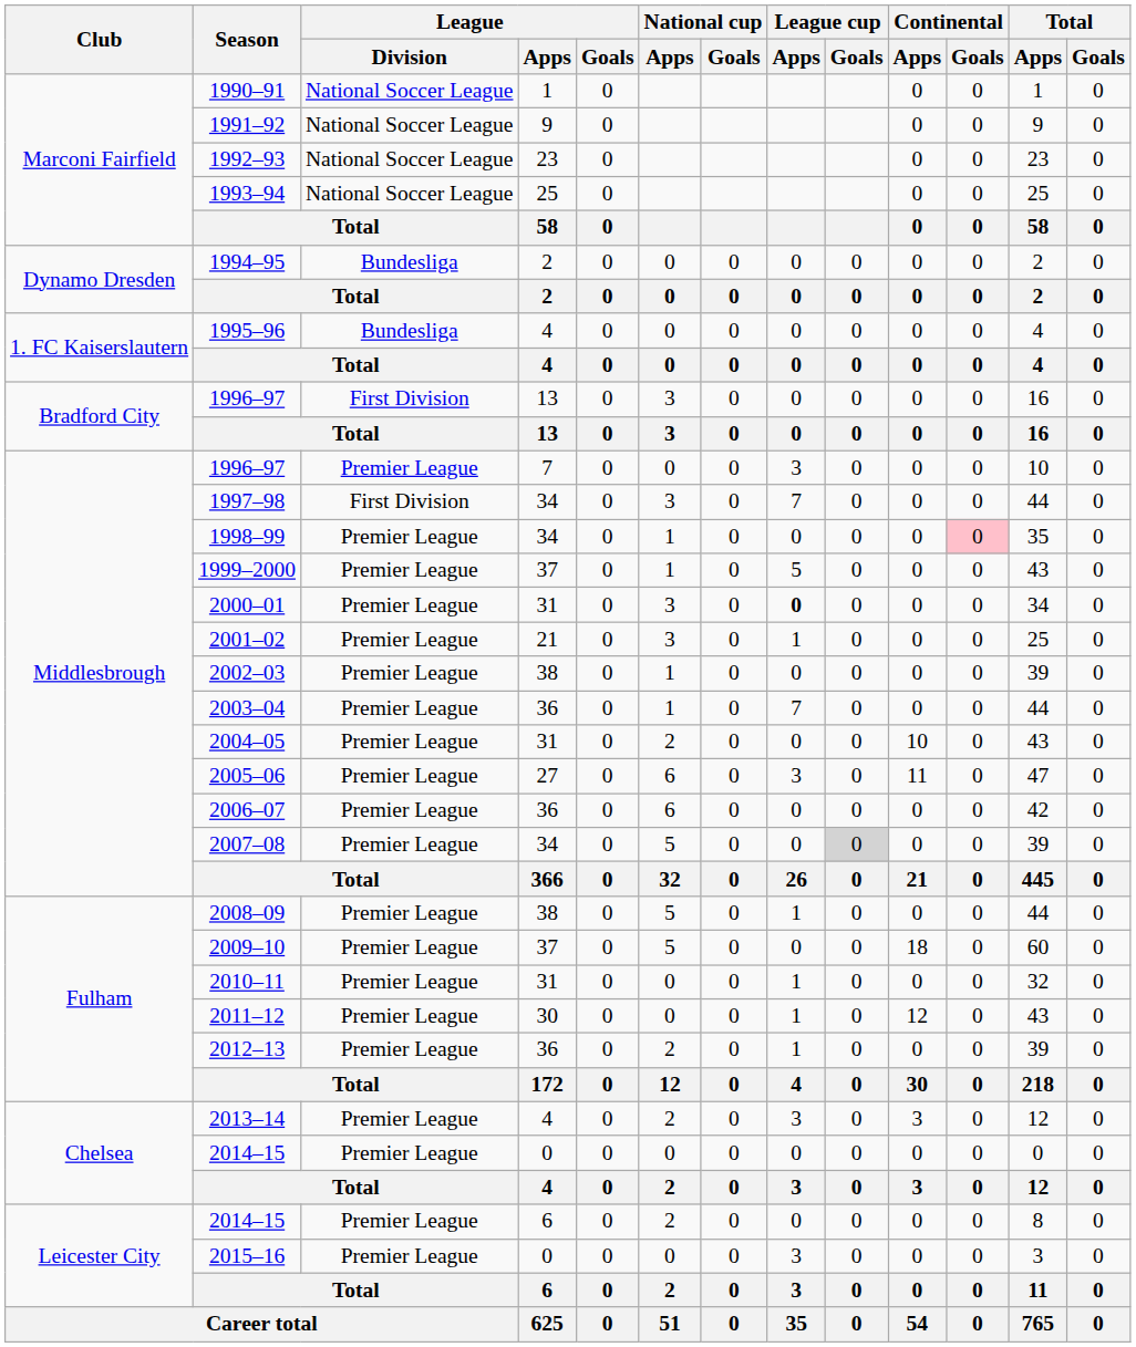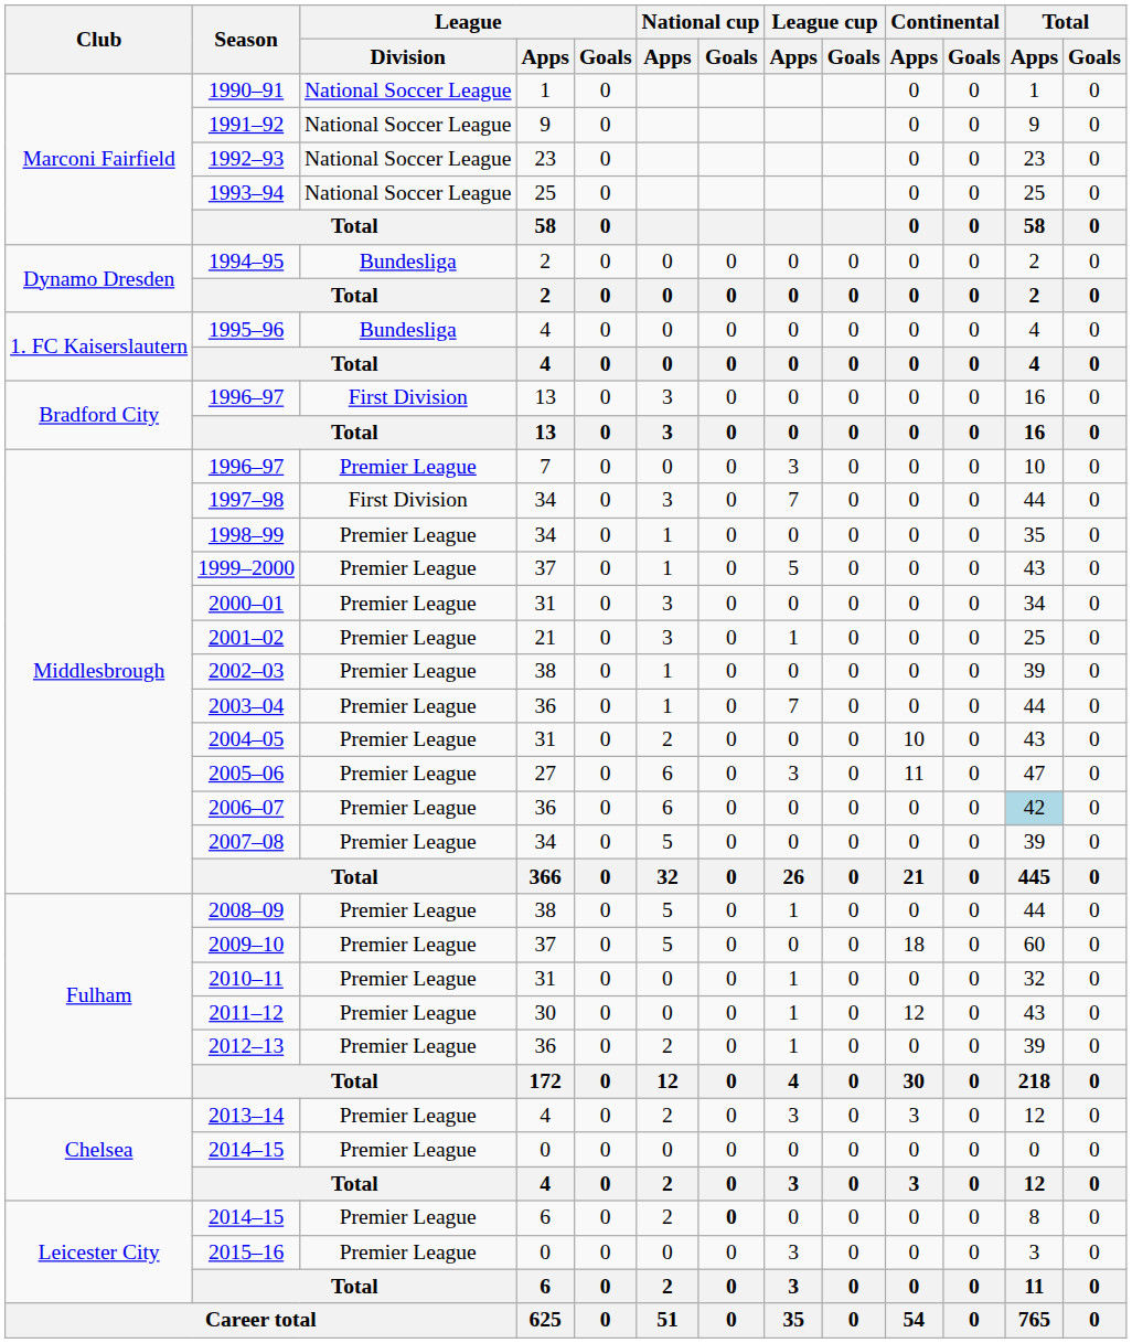 <table class="wikitable" style="text-align:center">
 <tr>
 <th rowspan="2">Club</th>
 <th rowspan="2">Season</th>
 <th colspan="3">League</th>
 <th colspan="2">National cup</th>
 <th colspan="2">League cup</th>
 <th colspan="2">Continental</th>
 <th colspan="2">Total</th>
 </tr>
 <tr>
 <th>Division</th>
 <th>Apps</th>
 <th>Goals</th>
 <th>Apps</th>
 <th>Goals</th>
 <th>Apps</th>
 <th>Goals</th>
 <th>Apps</th>
 <th>Goals</th>
 <th>Apps</th>
 <th>Goals</th>
 </tr>
 <tr>
 <td rowspan="5"><a href='#'>Marconi Fairfield</a></td>
 <td><a href='#'>1990–91</a></td>
 <td><a href='#'>National Soccer League</a></td>
 <td>1</td>
 <td>0</td>
 <td></td>
 <td></td>
 <td></td>
 <td></td>
 <td>0</td>
 <td>0</td>
 <td>1</td>
 <td>0</td>
 </tr>
 <tr>
 <td><a href='#'>1991–92</a></td>
 <td>National Soccer League</td>
 <td>9</td>
 <td>0</td>
 <td></td>
 <td></td>
 <td></td>
 <td></td>
 <td>0</td>
 <td>0</td>
 <td>9</td>
 <td>0</td>
 </tr>
 <tr>
 <td><a href='#'>1992–93</a></td>
 <td>National Soccer League</td>
 <td>23</td>
 <td>0</td>
 <td></td>
 <td></td>
 <td></td>
 <td></td>
 <td>0</td>
 <td>0</td>
 <td>23</td>
 <td>0</td>
 </tr>
 <tr>
 <td><a href='#'>1993–94</a></td>
 <td>National Soccer League</td>
 <td>25</td>
 <td>0</td>
 <td></td>
 <td></td>
 <td></td>
 <td></td>
 <td>0</td>
 <td>0</td>
 <td>25</td>
 <td>0</td>
 </tr>
 <tr>
 <th colspan="2">Total</th>
 <th>58</th>
 <th>0</th>
 <th></th>
 <th></th>
 <th></th>
 <th></th>
 <th>0</th>
 <th>0</th>
 <th>58</th>
 <th>0</th>
 </tr>
 <tr>
 <td rowspan="2"><a href='#'>Dynamo Dresden</a></td>
 <td><a href='#'>1994–95</a></td>
 <td><a href='#'>Bundesliga</a></td>
 <td>2</td>
 <td>0</td>
 <td>0</td>
 <td>0</td>
 <td>0</td>
 <td>0</td>
 <td>0</td>
 <td>0</td>
 <td>2</td>
 <td>0</td>
 </tr>
 <tr>
 <th colspan="2">Total</th>
 <th>2</th>
 <th>0</th>
 <th>0</th>
 <th>0</th>
 <th>0</th>
 <th>0</th>
 <th>0</th>
 <th>0</th>
 <th>2</th>
 <th>0</th>
 </tr>
 <tr>
 <td rowspan="2"><a href='#'>1. FC Kaiserslautern</a></td>
 <td><a href='#'>1995–96</a></td>
 <td><a href='#'>Bundesliga</a></td>
 <td>4</td>
 <td>0</td>
 <td>0</td>
 <td>0</td>
 <td>0</td>
 <td>0</td>
 <td>0</td>
 <td>0</td>
 <td>4</td>
 <td>0</td>
 </tr>
 <tr>
 <th colspan="2">Total</th>
 <th>4</th>
 <th>0</th>
 <th>0</th>
 <th>0</th>
 <th>0</th>
 <th>0</th>
 <th>0</th>
 <th>0</th>
 <th>4</th>
 <th>0</th>
 </tr>
 <tr>
 <td rowspan="2"><a href='#'>Bradford City</a></td>
 <td><a href='#'>1996–97</a></td>
 <td><a href='#'>First Division</a></td>
 <td>13</td>
 <td>0</td>
 <td>3</td>
 <td>0</td>
 <td>0</td>
 <td>0</td>
 <td>0</td>
 <td>0</td>
 <td>16</td>
 <td>0</td>
 </tr>
 <tr>
 <th colspan="2">Total</th>
 <th>13</th>
 <th>0</th>
 <th>3</th>
 <th>0</th>
 <th>0</th>
 <th>0</th>
 <th>0</th>
 <th>0</th>
 <th>16</th>
 <th>0</th>
 </tr>
 <tr>
 <td rowspan="13"><a href='#'>Middlesbrough</a></td>
 <td><a href='#'>1996–97</a></td>
 <td><a href='#'>Premier League</a></td>
 <td>7</td>
 <td>0</td>
 <td>0</td>
 <td>0</td>
 <td>3</td>
 <td>0</td>
 <td>0</td>
 <td>0</td>
 <td>10</td>
 <td>0</td>
 </tr>
 <tr>
 <td><a href='#'>1997–98</a></td>
 <td>First Division</td>
 <td>34</td>
 <td>0</td>
 <td>3</td>
 <td>0</td>
 <td>7</td>
 <td>0</td>
 <td>0</td>
 <td>0</td>
 <td>44</td>
 <td>0</td>
 </tr>
 <tr>
 <td><a href='#'>1998–99</a></td>
 <td>Premier League</td>
 <td>34</td>
 <td>0</td>
 <td>1</td>
 <td>0</td>
 <td>0</td>
 <td>0</td>
 <td>0</td>
-<td style="background: pink;">0</td>
+<td>0</td>
 <td>35</td>
 <td>0</td>
 </tr>
 <tr>
 <td><a href='#'>1999–2000</a></td>
 <td>Premier League</td>
 <td>37</td>
 <td>0</td>
 <td>1</td>
 <td>0</td>
 <td>5</td>
 <td>0</td>
 <td>0</td>
 <td>0</td>
 <td>43</td>
 <td>0</td>
 </tr>
 <tr>
 <td><a href='#'>2000–01</a></td>
 <td>Premier League</td>
 <td>31</td>
 <td>0</td>
 <td>3</td>
 <td>0</td>
-<td><strong>0</strong></td>
+<td>0</td>
 <td>0</td>
 <td>0</td>
 <td>0</td>
 <td>34</td>
 <td>0</td>
 </tr>
 <tr>
 <td><a href='#'>2001–02</a></td>
 <td>Premier League</td>
 <td>21</td>
 <td>0</td>
 <td>3</td>
 <td>0</td>
 <td>1</td>
 <td>0</td>
 <td>0</td>
 <td>0</td>
 <td>25</td>
 <td>0</td>
 </tr>
 <tr>
 <td><a href='#'>2002–03</a></td>
 <td>Premier League</td>
 <td>38</td>
 <td>0</td>
 <td>1</td>
 <td>0</td>
 <td>0</td>
 <td>0</td>
 <td>0</td>
 <td>0</td>
 <td>39</td>
 <td>0</td>
 </tr>
 <tr>
 <td><a href='#'>2003–04</a></td>
 <td>Premier League</td>
 <td>36</td>
 <td>0</td>
 <td>1</td>
 <td>0</td>
 <td>7</td>
 <td>0</td>
 <td>0</td>
 <td>0</td>
 <td>44</td>
 <td>0</td>
 </tr>
 <tr>
 <td><a href='#'>2004–05</a></td>
 <td>Premier League</td>
 <td>31</td>
 <td>0</td>
 <td>2</td>
 <td>0</td>
 <td>0</td>
 <td>0</td>
 <td>10</td>
 <td>0</td>
 <td>43</td>
 <td>0</td>
 </tr>
 <tr>
 <td><a href='#'>2005–06</a></td>
 <td>Premier League</td>
 <td>27</td>
 <td>0</td>
 <td>6</td>
 <td>0</td>
 <td>3</td>
 <td>0</td>
 <td>11</td>
 <td>0</td>
 <td>47</td>
 <td>0</td>
 </tr>
 <tr>
 <td><a href='#'>2006–07</a></td>
 <td>Premier League</td>
 <td>36</td>
 <td>0</td>
 <td>6</td>
 <td>0</td>
 <td>0</td>
 <td>0</td>
 <td>0</td>
 <td>0</td>
-<td>42</td>
+<td style="background: lightblue;">42</td>
 <td>0</td>
 </tr>
 <tr>
 <td><a href='#'>2007–08</a></td>
 <td>Premier League</td>
 <td>34</td>
 <td>0</td>
 <td>5</td>
 <td>0</td>
 <td>0</td>
-<td style="background: lightgrey;">0</td>
+<td>0</td>
 <td>0</td>
 <td>0</td>
 <td>39</td>
 <td>0</td>
 </tr>
 <tr>
 <th colspan="2">Total</th>
 <th>366</th>
 <th>0</th>
 <th>32</th>
 <th>0</th>
 <th>26</th>
 <th>0</th>
 <th>21</th>
 <th>0</th>
 <th>445</th>
 <th>0</th>
 </tr>
 <tr>
 <td rowspan="6"><a href='#'>Fulham</a></td>
 <td><a href='#'>2008–09</a></td>
 <td>Premier League</td>
 <td>38</td>
 <td>0</td>
 <td>5</td>
 <td>0</td>
 <td>1</td>
 <td>0</td>
 <td>0</td>
 <td>0</td>
 <td>44</td>
 <td>0</td>
 </tr>
 <tr>
 <td><a href='#'>2009–10</a></td>
 <td>Premier League</td>
 <td>37</td>
 <td>0</td>
 <td>5</td>
 <td>0</td>
 <td>0</td>
 <td>0</td>
 <td>18</td>
 <td>0</td>
 <td>60</td>
 <td>0</td>
 </tr>
 <tr>
 <td><a href='#'>2010–11</a></td>
 <td>Premier League</td>
 <td>31</td>
 <td>0</td>
 <td>0</td>
 <td>0</td>
 <td>1</td>
 <td>0</td>
 <td>0</td>
 <td>0</td>
 <td>32</td>
 <td>0</td>
 </tr>
 <tr>
 <td><a href='#'>2011–12</a></td>
 <td>Premier League</td>
 <td>30</td>
 <td>0</td>
 <td>0</td>
 <td>0</td>
 <td>1</td>
 <td>0</td>
 <td>12</td>
 <td>0</td>
 <td>43</td>
 <td>0</td>
 </tr>
 <tr>
 <td><a href='#'>2012–13</a></td>
 <td>Premier League</td>
 <td>36</td>
 <td>0</td>
 <td>2</td>
 <td>0</td>
 <td>1</td>
 <td>0</td>
 <td>0</td>
 <td>0</td>
 <td>39</td>
 <td>0</td>
 </tr>
 <tr>
 <th colspan="2">Total</th>
 <th>172</th>
 <th>0</th>
 <th>12</th>
 <th>0</th>
 <th>4</th>
 <th>0</th>
 <th>30</th>
 <th>0</th>
 <th>218</th>
 <th>0</th>
 </tr>
 <tr>
 <td rowspan="3"><a href='#'>Chelsea</a></td>
 <td><a href='#'>2013–14</a></td>
 <td>Premier League</td>
 <td>4</td>
 <td>0</td>
 <td>2</td>
 <td>0</td>
 <td>3</td>
 <td>0</td>
 <td>3</td>
 <td>0</td>
 <td>12</td>
 <td>0</td>
 </tr>
 <tr>
 <td><a href='#'>2014–15</a></td>
 <td>Premier League</td>
 <td>0</td>
 <td>0</td>
 <td>0</td>
 <td>0</td>
 <td>0</td>
 <td>0</td>
 <td>0</td>
 <td>0</td>
 <td>0</td>
 <td>0</td>
 </tr>
 <tr>
 <th colspan="2">Total</th>
 <th>4</th>
 <th>0</th>
 <th>2</th>
 <th>0</th>
 <th>3</th>
 <th>0</th>
 <th>3</th>
 <th>0</th>
 <th>12</th>
 <th>0</th>
 </tr>
 <tr>
 <td rowspan="3"><a href='#'>Leicester City</a></td>
 <td><a href='#'>2014–15</a></td>
 <td>Premier League</td>
 <td>6</td>
 <td>0</td>
 <td>2</td>
-<td>0</td>
+<td><strong>0</strong></td>
 <td>0</td>
 <td>0</td>
 <td>0</td>
 <td>0</td>
 <td>8</td>
 <td>0</td>
 </tr>
 <tr>
 <td><a href='#'>2015–16</a></td>
 <td>Premier League</td>
 <td>0</td>
 <td>0</td>
 <td>0</td>
 <td>0</td>
 <td>3</td>
 <td>0</td>
 <td>0</td>
 <td>0</td>
 <td>3</td>
 <td>0</td>
 </tr>
 <tr>
 <th colspan="2">Total</th>
 <th>6</th>
 <th>0</th>
 <th>2</th>
 <th>0</th>
 <th>3</th>
 <th>0</th>
 <th>0</th>
 <th>0</th>
 <th>11</th>
 <th>0</th>
 </tr>
 <tr>
 <th colspan="3">Career total</th>
 <th>625</th>
 <th>0</th>
 <th>51</th>
 <th>0</th>
 <th>35</th>
 <th>0</th>
 <th>54</th>
 <th>0</th>
 <th>765</th>
 <th>0</th>
 </tr>
 </table>
